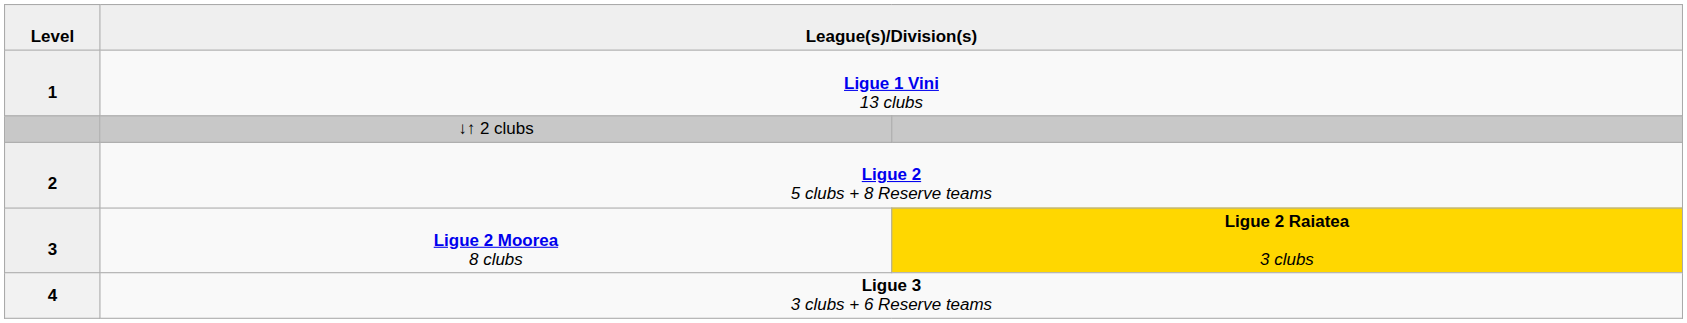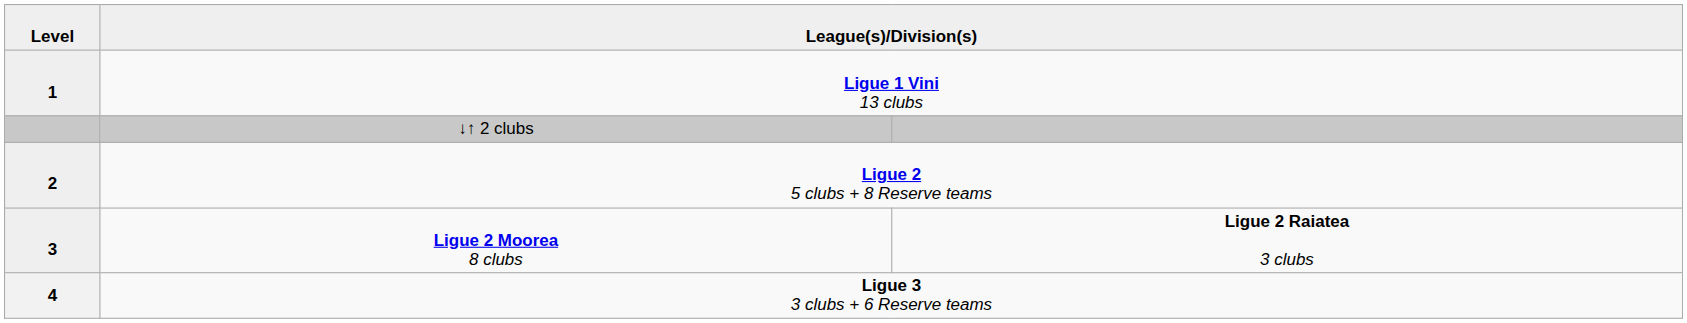 <table class="wikitable" style="text-align:center; width:100%;">
 <tr style="background:#efefef;">
 <td style="width:4%; text-align:center;"><br><strong>Level</strong></td>
 <td colspan="2" style="width:96%; text-align:center;"><br><strong>League(s)/Division(s)</strong></td>
 </tr>
 <tr>
 <th style="text-align:center; width:4%; background:#efefef;"><br>1</th>
 <td colspan="2" style="width:96%; text-align:center;"><br><strong><a href='#'>Ligue 1 Vini</a></strong><br> <em>13 clubs</em><br></td>
 </tr>
 <tr style="background:#c8c8c8">
 <td style="width:4%;"></td>
 <td style="width:33%;">↓↑ 2 clubs</td>
 <td style="width:33%;"></td>
 </tr>
 <tr>
 <th style="text-align:center; width:4%; background:#efefef;"><br>2</th>
 <td colspan="2" style="width:33%; text-align:center;"><br><strong><a href='#'>Ligue 2</a></strong><br> <em>5 clubs + 8 Reserve teams</em><br></td>
 </tr>
 <tr>
 <th style="text-align:center; width:4%; background:#efefef;"><br>3</th>
 <td style="width:33%; text-align:center;"><br><strong><a href='#'>Ligue 2 Moorea</a></strong><br> <em>8 clubs</em></td>
-<td style="background: gold;"><strong>Ligue 2 Raiatea</strong><br><br><em>3 clubs</em></td>
+<td><strong>Ligue 2 Raiatea</strong><br><br><em>3 clubs</em></td>
 </tr>
 <tr>
 <th>4</th>
 <td colspan="2"><strong>Ligue 3</strong><br><em>3 clubs + 6 Reserve teams</em></td>
 </tr>
 </table>
